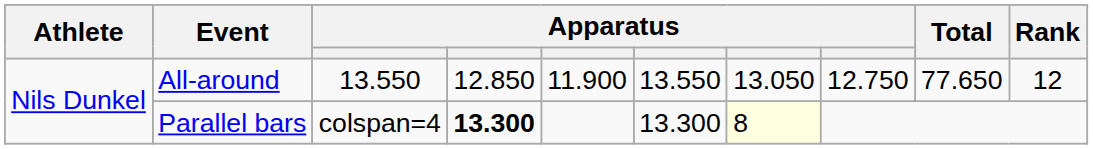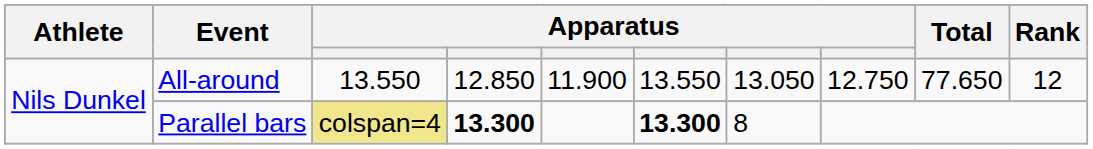 <table class="wikitable" style="font-size:90%">
 <tr>
 <th rowspan=2>Athlete</th>
 <th rowspan=2>Event</th>
 <th colspan =6>Apparatus</th>
 <th rowspan=2>Total</th>
 <th rowspan=2>Rank</th>
 </tr>
 <tr style="font-size:95%">
 <th></th>
 <th></th>
 <th></th>
 <th></th>
 <th></th>
 <th></th>
 </tr>
 <tr align=center>
 <td align=left rowspan=2><a href='#'>Nils Dunkel</a></td>
 <td align=left><a href='#'>All-around</a></td>
 <td>13.550</td>
 <td>12.850</td>
 <td>11.900</td>
 <td>13.550</td>
 <td>13.050</td>
 <td>12.750</td>
 <td>77.650</td>
 <td>12</td>
 </tr>
 <tr>
 <td align=left><a href='#'>Parallel bars</a></td>
-<td>colspan=4 </td>
+<td style="background: khaki;">colspan=4 </td>
 <td><strong>13.300</strong></td>
 <td></td>
-<td>13.300</td>
-<td style="background: lightyellow;">8</td>
+<td><strong>13.300</strong></td>
+<td>8</td>
 </tr>
 </table>
